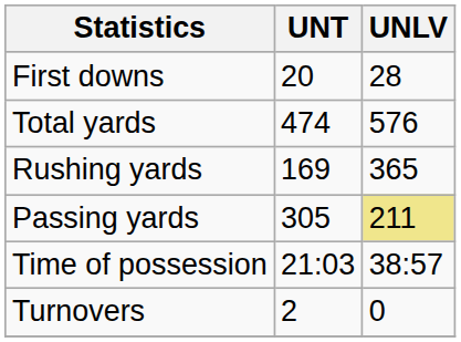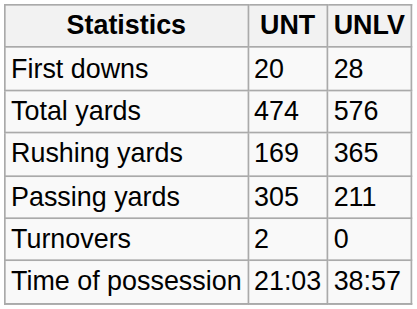 <table class="wikitable">
 <tr>
 <th>Statistics</th>
 <th>UNT</th>
 <th>UNLV</th>
 </tr>
 <tr>
 <td>First downs</td>
 <td>20</td>
 <td>28</td>
 </tr>
 <tr>
 <td>Total yards</td>
 <td>474</td>
 <td>576</td>
 </tr>
 <tr>
 <td>Rushing yards</td>
 <td>169</td>
 <td>365</td>
 </tr>
 <tr>
 <td>Passing yards</td>
 <td>305</td>
-<td style="background: khaki;">211</td>
+<td>211</td>
+</tr>
+<tr>
+<td>Turnovers</td>
+<td>2</td>
+<td>0</td>
 </tr>
 <tr>
 <td>Time of possession</td>
 <td>21:03</td>
 <td>38:57</td>
 </tr>
 <tr>
-<td>Turnovers</td>
-<td>2</td>
-<td>0</td>
-</tr>
-<tr>
 </tr>
 </table>
